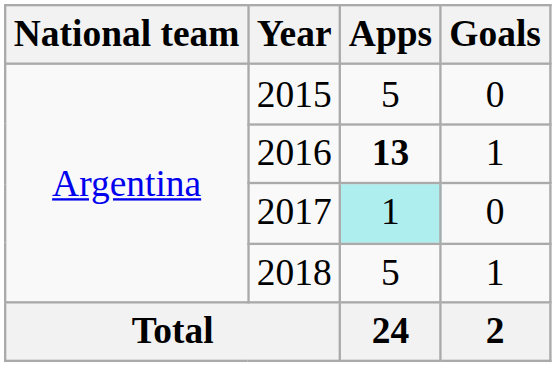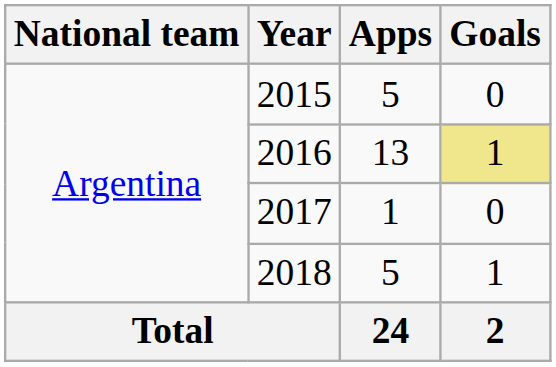 <table class=wikitable style="text-align: center">
 <tr>
 <th>National team</th>
 <th>Year</th>
 <th>Apps</th>
 <th>Goals</th>
 </tr>
 <tr>
 <td rowspan="4"><a href='#'>Argentina</a></td>
 <td>2015</td>
 <td>5</td>
 <td>0</td>
 </tr>
 <tr>
 <td>2016</td>
-<td><strong>13</strong></td>
-<td>1</td>
+<td>13</td>
+<td style="background: khaki;">1</td>
 </tr>
 <tr>
 <td>2017</td>
-<td style="background: paleturquoise;">1</td>
+<td>1</td>
 <td>0</td>
 </tr>
 <tr>
 <td>2018</td>
 <td>5</td>
 <td>1</td>
 </tr>
 <tr>
 <th colspan="2">Total</th>
 <th>24</th>
 <th>2</th>
 </tr>
 </table>
